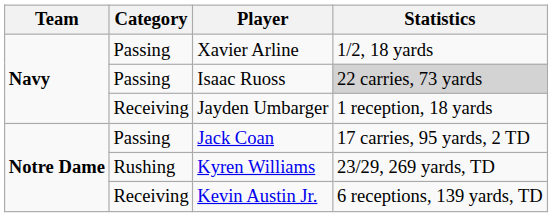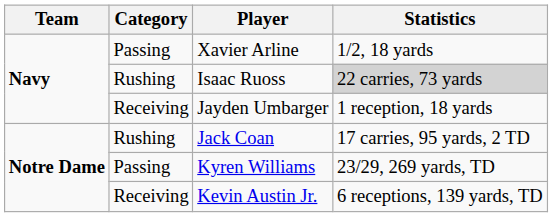 <table class="wikitable" style="float: left;">
 <tr>
 <th>Team</th>
 <th>Category</th>
 <th>Player</th>
 <th>Statistics</th>
 </tr>
 <tr>
 <td rowspan=3><strong>Navy</strong></td>
 <td>Passing</td>
 <td>Xavier Arline</td>
 <td>1/2, 18 yards</td>
 </tr>
 <tr>
-<td>Passing</td>
+<td>Rushing</td>
 <td>Isaac Ruoss</td>
 <td style="background: lightgrey;">22 carries, 73 yards</td>
 </tr>
 <tr>
 <td>Receiving</td>
 <td>Jayden Umbarger</td>
 <td>1 reception, 18 yards</td>
 </tr>
 <tr>
 <td rowspan=3><strong>Notre Dame</strong></td>
-<td>Passing</td>
+<td>Rushing</td>
 <td><a href='#'>Jack Coan</a></td>
 <td>17 carries, 95 yards, 2 TD</td>
 </tr>
 <tr>
-<td>Rushing</td>
+<td>Passing</td>
 <td><a href='#'>Kyren Williams</a></td>
 <td>23/29, 269 yards, TD</td>
 </tr>
 <tr>
 <td>Receiving</td>
 <td><a href='#'>Kevin Austin Jr.</a></td>
 <td>6 receptions, 139 yards, TD</td>
 </tr>
 </table>
